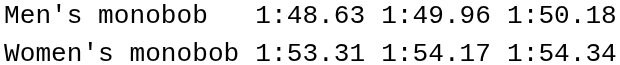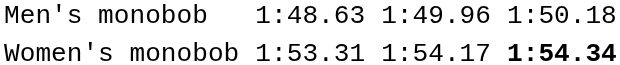 <table>
 <tr>
 <td>Men's monobob<br></td>
 <td></td>
 <td>1:48.63</td>
 <td></td>
 <td>1:49.96</td>
 <td></td>
 <td>1:50.18</td>
 </tr>
 <tr>
 <td>Women's monobob<br></td>
 <td></td>
 <td>1:53.31</td>
 <td></td>
 <td>1:54.17</td>
 <td></td>
-<td>1:54.34</td>
+<td><strong>1:54.34</strong></td>
 </tr>
 </table>
